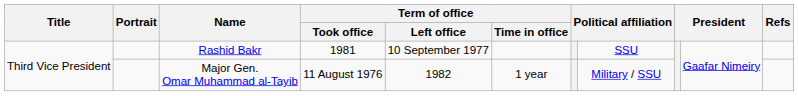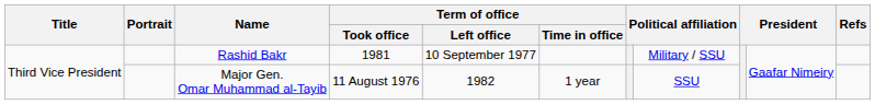 <table class="wikitable" style="text-align:center;">
 <tr>
 <th rowspan=2>Title</th>
 <th rowspan=2>Portrait</th>
 <th rowspan=2>Name</th>
 <th colspan=3>Term of office</th>
 <th rowspan=2 colspan=2>Political affiliation</th>
 <th rowspan=2 colspan=2>President</th>
 <th rowspan=2>Refs</th>
 </tr>
 <tr>
 <th>Took office</th>
 <th>Left office</th>
 <th>Time in office</th>
 </tr>
 <tr>
 <td rowspan=2>Third Vice President</td>
 <td></td>
 <td><a href='#'>Rashid Bakr</a><br></td>
 <td>1981</td>
 <td>10 September 1977</td>
 <td></td>
 <th style="background:"></th>
-<td><a href='#'>SSU</a></td>
+<td><a href='#'>Military</a> / <a href='#'>SSU</a></td>
 <th rowspan=2 style="background:"></th>
 <td rowspan=2><a href='#'>Gaafar Nimeiry</a></td>
 <td></td>
 </tr>
 <tr>
 <td></td>
 <td>Major Gen.<br><a href='#'>Omar Muhammad al-Tayib</a></td>
 <td>11 August 1976</td>
 <td>1982</td>
 <td>1 year</td>
 <th style="background:"></th>
-<td><a href='#'>Military</a> / <a href='#'>SSU</a></td>
+<td><a href='#'>SSU</a></td>
 <td></td>
 </tr>
 </table>
